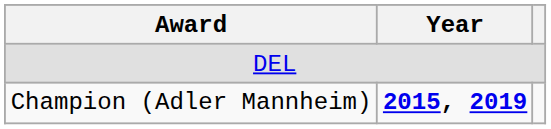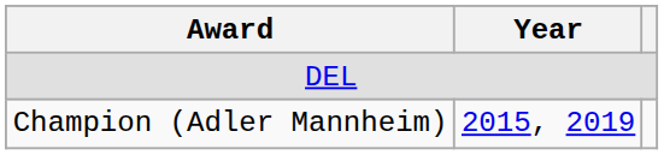 <table class="wikitable">
 <tr>
 <th>Award</th>
 <th>Year</th>
 <th></th>
 </tr>
 <tr ALIGN="center" bgcolor="#e0e0e0">
 <td colspan="3"><a href='#'>DEL</a></td>
 </tr>
 <tr>
 <td>Champion (Adler Mannheim)</td>
-<td><strong><a href='#'>2015</a>, <a href='#'>2019</a></strong></td>
+<td><a href='#'>2015</a>, <a href='#'>2019</a></td>
 <td></td>
 </tr>
 </table>
